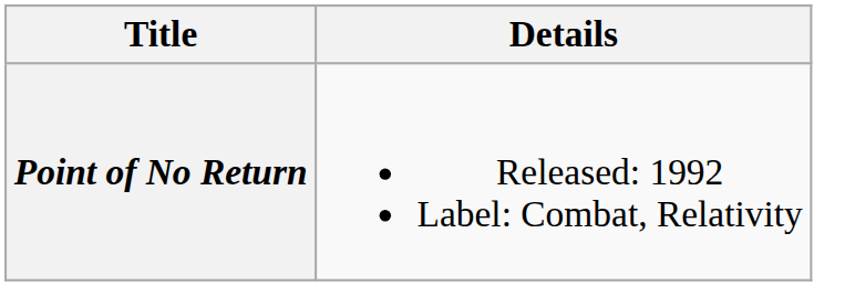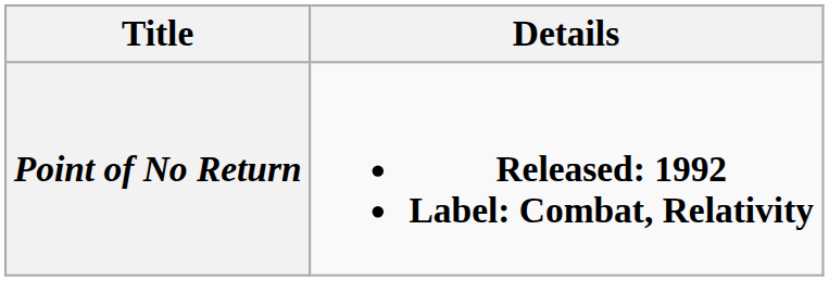 <table class="wikitable plainrowheaders" style="text-align: center;">
 <tr>
 <th scope="col">Title</th>
 <th scope="col">Details</th>
 </tr>
 <tr>
 <th scope="row"><em>Point of No Return</em></th>
-<td><br><ul><li>Released: 1992</li><li>Label: Combat, Relativity</li></ul></td>
+<td><strong><br><ul><li>Released: 1992</li><li>Label: Combat, Relativity</li></ul></strong></td>
 </tr>
 </table>
